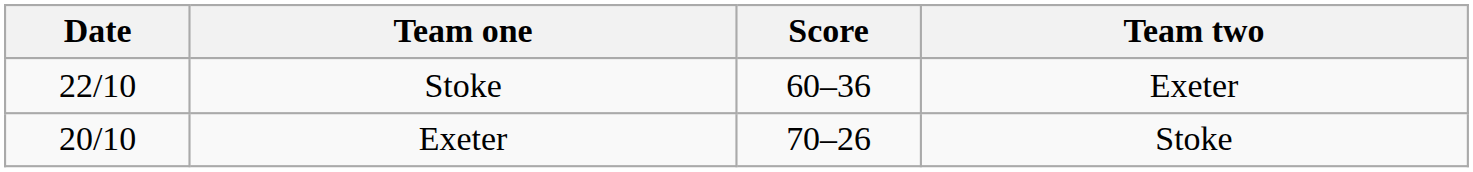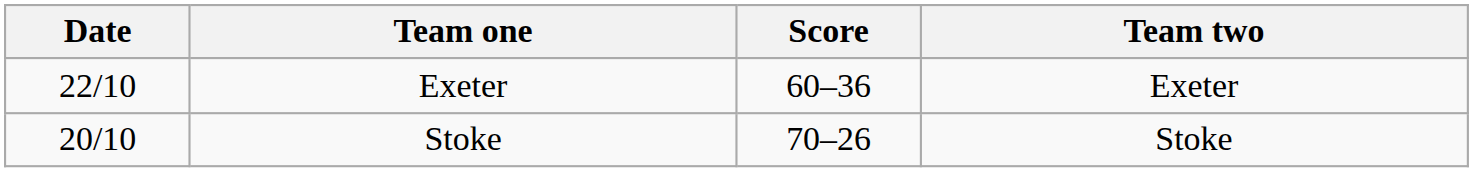 <table class="wikitable" style="text-align: center">
 <tr>
 <th width=80>Date</th>
 <th width=250>Team one</th>
 <th width=80>Score</th>
 <th width=250>Team two</th>
 </tr>
 <tr>
 <td>22/10</td>
-<td>Stoke</td>
+<td>Exeter</td>
 <td>60–36</td>
 <td>Exeter</td>
 </tr>
 <tr>
 <td>20/10</td>
-<td>Exeter</td>
+<td>Stoke</td>
 <td>70–26</td>
 <td>Stoke</td>
 </tr>
 </table>
